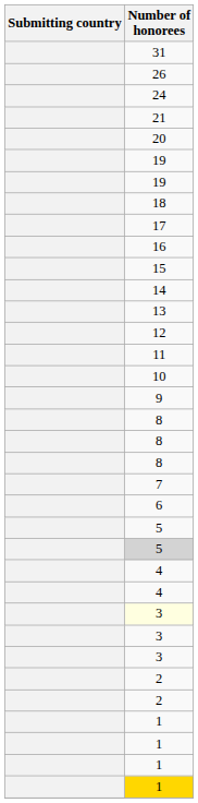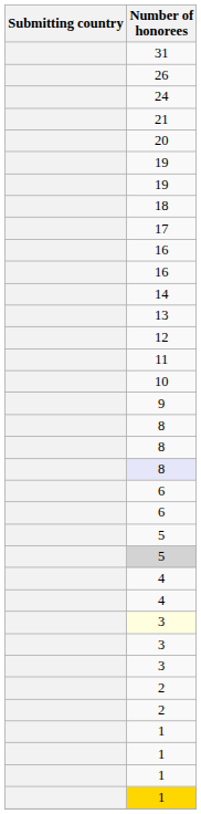 <table class="wikitable sortable plainrowheaders sticky-header-multi sort-under col2left" style="text-align:center;">
 <tr>
 <th>Submitting country</th>
 <th>Number of<br>honorees</th>
 </tr>
 <tr>
 <th scope="row"></th>
 <td>31</td>
 </tr>
 <tr>
 <th scope="row"></th>
 <td>26</td>
 </tr>
 <tr>
 <th scope="row"></th>
 <td>24</td>
 </tr>
 <tr>
 <th scope="row"></th>
 <td>21</td>
 </tr>
 <tr>
 <th scope="row"></th>
 <td>20</td>
 </tr>
 <tr>
 <th scope="row"></th>
 <td>19</td>
 </tr>
 <tr>
 <th scope="row"></th>
 <td>19</td>
 </tr>
 <tr>
 <th scope="row"></th>
 <td>18</td>
 </tr>
 <tr>
 <th scope="row"></th>
 <td>17</td>
 </tr>
 <tr>
 <th scope="row"></th>
 <td>16</td>
 </tr>
 <tr>
 <th scope="row"></th>
-<td>15</td>
+<td>16</td>
 </tr>
 <tr>
 <th scope="row"></th>
 <td>14</td>
 </tr>
 <tr>
 <th scope="row"></th>
 <td>13</td>
 </tr>
 <tr>
 <th scope="row"></th>
 <td>12</td>
 </tr>
 <tr>
 <th scope="row"></th>
 <td>11</td>
 </tr>
 <tr>
 <th scope="row"></th>
 <td>10</td>
 </tr>
 <tr>
 <th scope="row"></th>
 <td>9</td>
 </tr>
 <tr>
 <th scope="row"></th>
 <td>8</td>
 </tr>
 <tr>
 <th scope="row"></th>
 <td>8</td>
 </tr>
 <tr>
 <th scope="row"></th>
-<td>8</td>
+<td style="background: lavender;">8</td>
 </tr>
 <tr>
 <th scope="row"></th>
-<td>7</td>
+<td>6</td>
 </tr>
 <tr>
 <th scope="row"></th>
 <td>6</td>
 </tr>
 <tr>
 <th scope="row"></th>
 <td>5</td>
 </tr>
 <tr>
 <th scope="row"></th>
 <td style="background: lightgrey;">5</td>
 </tr>
 <tr>
 <th scope="row"></th>
 <td>4</td>
 </tr>
 <tr>
 <th scope="row"></th>
 <td>4</td>
 </tr>
 <tr>
 <th scope="row"></th>
 <td style="background: lightyellow;">3</td>
 </tr>
 <tr>
 <th scope="row"></th>
 <td>3</td>
 </tr>
 <tr>
 <th scope="row"></th>
 <td>3</td>
 </tr>
 <tr>
 <th scope="row"></th>
 <td>2</td>
 </tr>
 <tr>
 <th scope="row"></th>
 <td>2</td>
 </tr>
 <tr>
 <th scope="row"></th>
 <td>1</td>
 </tr>
 <tr>
 <th scope="row"></th>
 <td>1</td>
 </tr>
 <tr>
 <th scope="row"></th>
 <td>1</td>
 </tr>
 <tr>
 <th scope="row"></th>
 <td style="background: gold;">1</td>
 </tr>
 <tr>
 </tr>
 </table>
